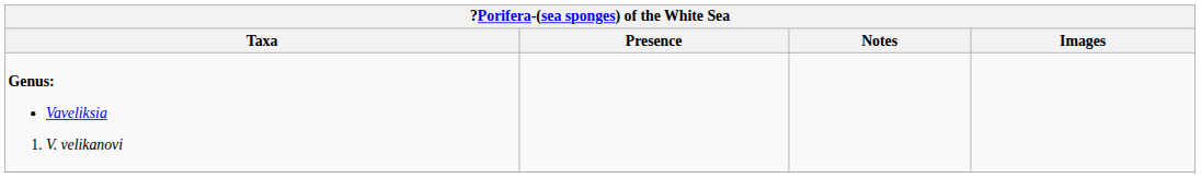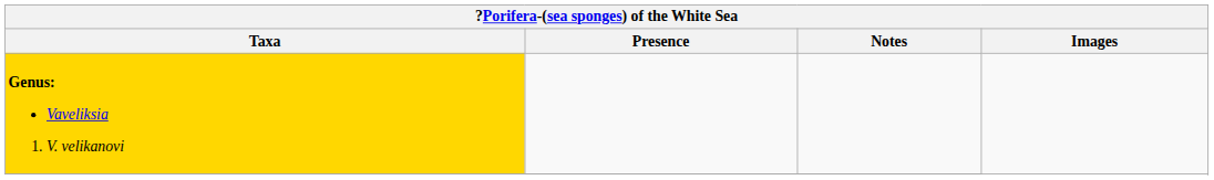 <table class="wikitable" align="center" width="100%">
 <tr>
 <th colspan="5" align="center"><strong>?<a href='#'>Porifera</a>-(<a href='#'>sea sponges</a>) of the White Sea</strong></th>
 </tr>
 <tr>
 <th>Taxa</th>
 <th>Presence</th>
 <th>Notes</th>
 <th>Images</th>
 </tr>
 <tr>
-<td><br><strong>Genus:</strong><ul><li><em><a href='#'>Vaveliksia</a></em></li></ul><ol><li><em>V. velikanovi</em></li></ol></td>
+<td style="background: gold;"><br><strong>Genus:</strong><ul><li><em><a href='#'>Vaveliksia</a></em></li></ul><ol><li><em>V. velikanovi</em></li></ol></td>
 <td></td>
 <td></td>
 <td rowspan="99"><br></td>
 </tr>
 <tr>
 </tr>
 </table>
